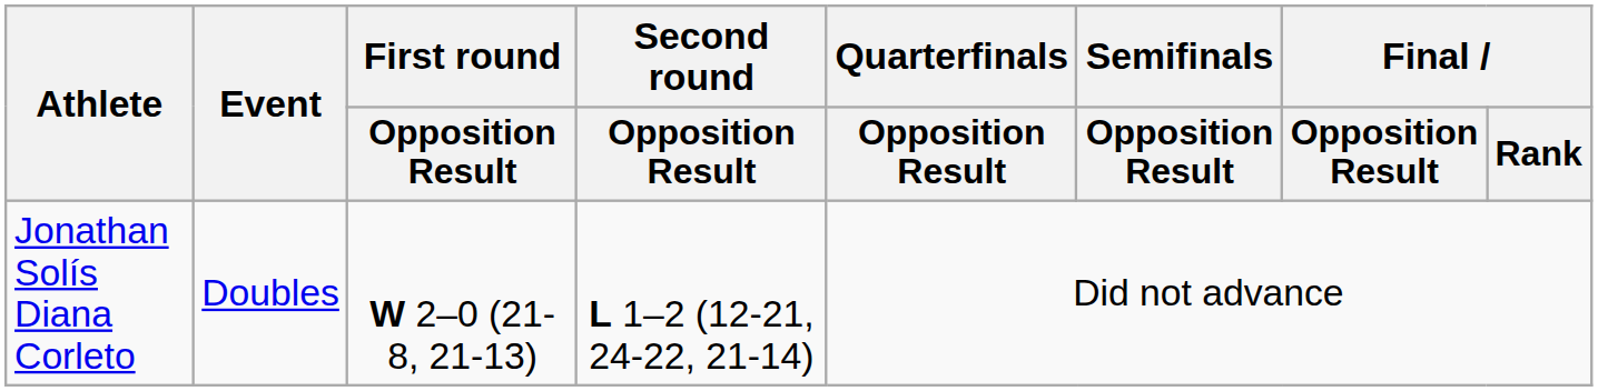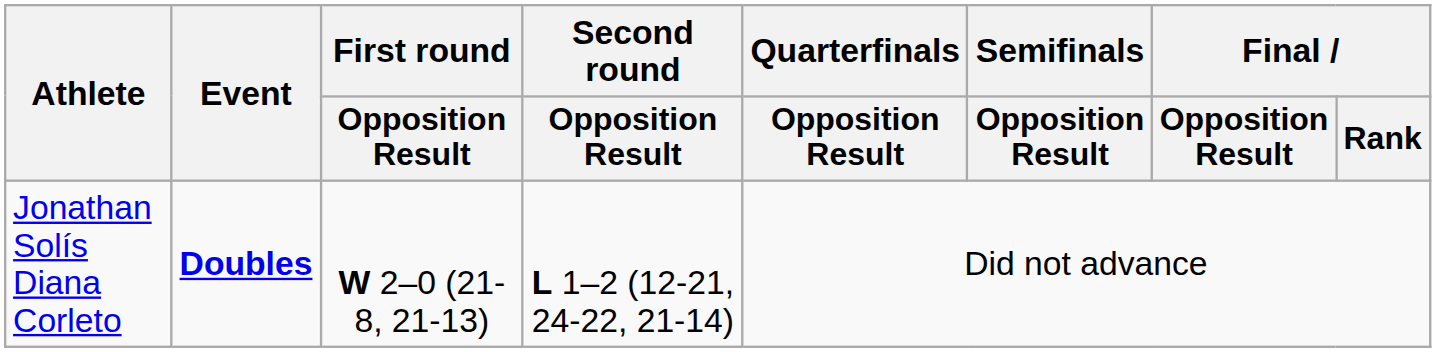 <table class=wikitable style=font-size:90%;text-align:center>
 <tr>
 <th rowspan=2>Athlete</th>
 <th rowspan=2>Event</th>
 <th>First round</th>
 <th>Second round</th>
 <th>Quarterfinals</th>
 <th>Semifinals</th>
 <th colspan=2>Final / </th>
 </tr>
 <tr style=font-size:95%>
 <th>Opposition<br>Result</th>
 <th>Opposition<br>Result</th>
 <th>Opposition<br>Result</th>
 <th>Opposition<br>Result</th>
 <th>Opposition<br>Result</th>
 <th>Rank</th>
 </tr>
 <tr>
 <td align=left><a href='#'>Jonathan Solís</a><br><a href='#'>Diana Corleto</a></td>
-<td align=left><a href='#'>Doubles</a></td>
+<td align=left><strong><a href='#'>Doubles</a></strong></td>
 <td><br><br><strong>W</strong> 2–0 (21-8, 21-13)</td>
 <td><br><br><strong>L</strong> 1–2 (12-21, 24-22, 21-14)</td>
 <td colspan="4">Did not advance</td>
 </tr>
 </table>
